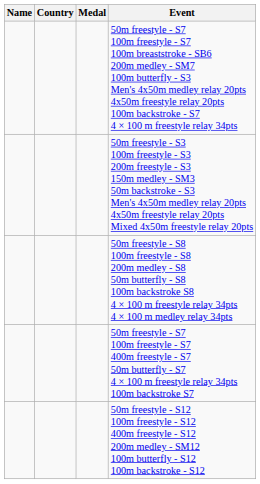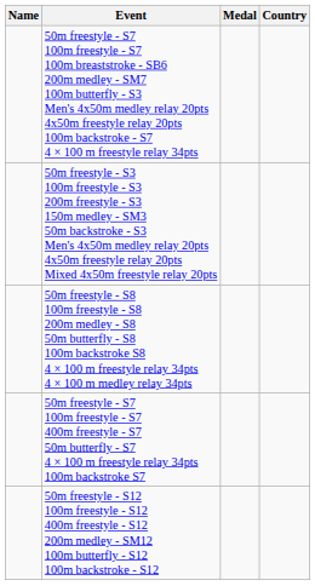 <table class="wikitable sortable" style="font-size:95%">
 <tr>
 <th>Name</th>
+<th>Event</th>
+<th>Medal</th>
 <th>Country</th>
-<th>Medal</th>
-<th>Event</th>
 </tr>
 <tr>
 <td></td>
+<td><a href='#'>50m freestyle - S7</a> <br> <a href='#'>100m freestyle - S7</a><br><a href='#'>100m breaststroke - SB6</a><br> <a href='#'>200m medley - SM7</a><br><a href='#'>100m butterfly - S3</a><br><a href='#'>Men's 4x50m medley relay 20pts</a><br> <a href='#'>4x50m freestyle relay 20pts</a><br><a href='#'>100m backstroke - S7</a><br><a href='#'>4 × 100 m freestyle relay 34pts</a></td>
+<td><br> <br> <br><br> <br><br> <br><br></td>
 <td></td>
-<td><br> <br> <br><br> <br><br> <br><br></td>
-<td><a href='#'>50m freestyle - S7</a> <br> <a href='#'>100m freestyle - S7</a><br><a href='#'>100m breaststroke - SB6</a><br> <a href='#'>200m medley - SM7</a><br><a href='#'>100m butterfly - S3</a><br><a href='#'>Men's 4x50m medley relay 20pts</a><br> <a href='#'>4x50m freestyle relay 20pts</a><br><a href='#'>100m backstroke - S7</a><br><a href='#'>4 × 100 m freestyle relay 34pts</a></td>
 </tr>
 <tr>
 <td></td>
+<td><a href='#'>50m freestyle - S3</a> <br> <a href='#'>100m freestyle - S3</a><br><a href='#'>200m freestyle - S3</a><br> <a href='#'>150m medley - SM3</a><br><a href='#'>50m backstroke - S3</a><br><a href='#'>Men's 4x50m medley relay 20pts</a><br> <a href='#'>4x50m freestyle relay 20pts</a><br><a href='#'>Mixed 4x50m freestyle relay 20pts</a></td>
+<td><br> <br> <br><br> <br><br> <br></td>
 <td></td>
-<td><br> <br> <br><br> <br><br> <br></td>
-<td><a href='#'>50m freestyle - S3</a> <br> <a href='#'>100m freestyle - S3</a><br><a href='#'>200m freestyle - S3</a><br> <a href='#'>150m medley - SM3</a><br><a href='#'>50m backstroke - S3</a><br><a href='#'>Men's 4x50m medley relay 20pts</a><br> <a href='#'>4x50m freestyle relay 20pts</a><br><a href='#'>Mixed 4x50m freestyle relay 20pts</a></td>
 </tr>
 <tr>
 <td></td>
+<td><a href='#'>50m freestyle - S8</a> <br> <a href='#'>100m freestyle - S8</a><br><a href='#'>200m medley - S8</a><br><a href='#'>50m butterfly - S8</a><br><a href='#'>100m backstroke S8</a><br> <a href='#'>4 × 100 m freestyle relay 34pts</a><br> <a href='#'>4 × 100 m medley relay 34pts</a></td>
+<td><br> <br> <br><br> <br> <br><br></td>
 <td></td>
-<td><br> <br> <br><br> <br> <br><br></td>
-<td><a href='#'>50m freestyle - S8</a> <br> <a href='#'>100m freestyle - S8</a><br><a href='#'>200m medley - S8</a><br><a href='#'>50m butterfly - S8</a><br><a href='#'>100m backstroke S8</a><br> <a href='#'>4 × 100 m freestyle relay 34pts</a><br> <a href='#'>4 × 100 m medley relay 34pts</a></td>
 </tr>
 <tr>
 <td></td>
+<td><a href='#'>50m freestyle - S7</a> <br> <a href='#'>100m freestyle - S7</a><br><a href='#'>400m freestyle - S7</a><br><a href='#'>50m butterfly - S7</a><br> <a href='#'>4 × 100 m freestyle relay 34pts</a><br> <a href='#'>100m backstroke S7</a></td>
+<td><br> <br> <br><br> <br> <br></td>
 <td></td>
-<td><br> <br> <br><br> <br> <br></td>
-<td><a href='#'>50m freestyle - S7</a> <br> <a href='#'>100m freestyle - S7</a><br><a href='#'>400m freestyle - S7</a><br><a href='#'>50m butterfly - S7</a><br> <a href='#'>4 × 100 m freestyle relay 34pts</a><br> <a href='#'>100m backstroke S7</a></td>
 </tr>
 <tr>
 <td></td>
+<td><a href='#'>50m freestyle - S12</a> <br> <a href='#'>100m freestyle - S12</a><br><a href='#'>400m freestyle - S12</a><br> <a href='#'>200m medley - SM12</a><br><a href='#'>100m butterfly - S12</a><br><a href='#'>100m backstroke - S12</a></td>
+<td><br> <br> <br><br> <br> <br></td>
 <td></td>
-<td><br> <br> <br><br> <br> <br></td>
-<td><a href='#'>50m freestyle - S12</a> <br> <a href='#'>100m freestyle - S12</a><br><a href='#'>400m freestyle - S12</a><br> <a href='#'>200m medley - SM12</a><br><a href='#'>100m butterfly - S12</a><br><a href='#'>100m backstroke - S12</a></td>
 </tr>
 </table>
